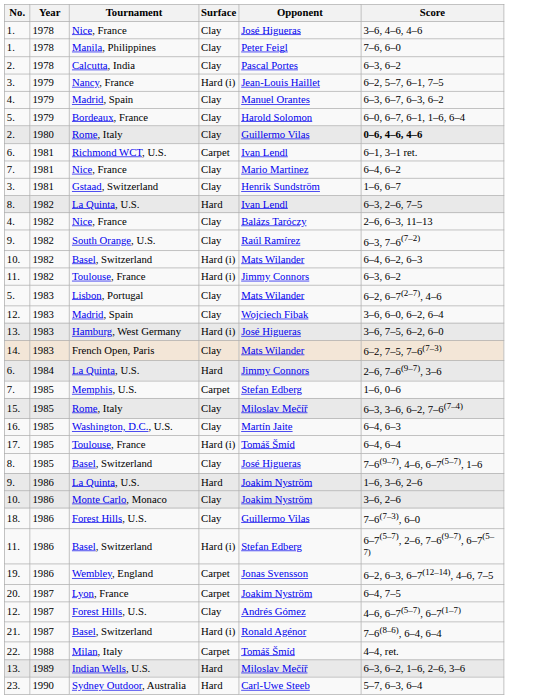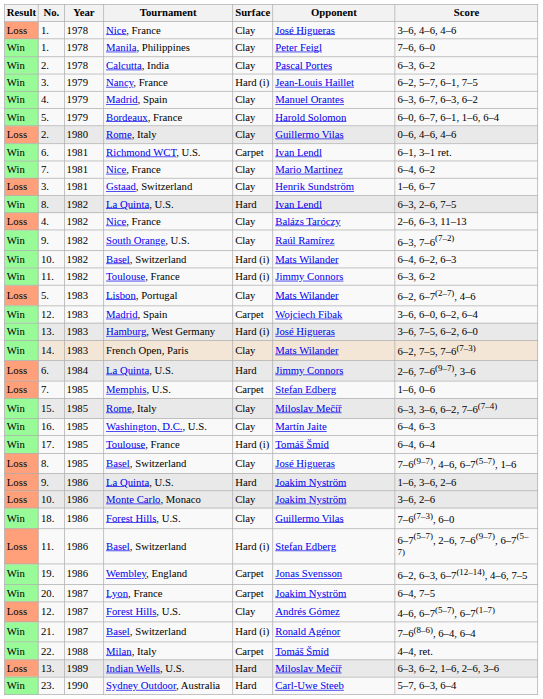 <table class="sortable wikitable" style=font-size:97%>
 <tr>
+<th style="width:40px">Result</th>
 <th style="width:30px">No.</th>
 <th style="width:50px">Year</th>
 <th style="width:180px">Tournament</th>
 <th style="width:50px">Surface</th>
 <th style="width:170px">Opponent</th>
 <th style="width:200px" class="unsortable">Score</th>
 </tr>
 <tr>
+<td style="background:#ffa07a;">Loss</td>
 <td>1.</td>
 <td>1978</td>
 <td><a href='#'>Nice</a>, France</td>
 <td>Clay</td>
 <td> <a href='#'>José Higueras</a></td>
 <td>3–6, 4–6, 4–6</td>
 </tr>
 <tr>
+<td style="background:#98fb98;">Win</td>
 <td>1.</td>
 <td>1978</td>
 <td><a href='#'>Manila</a>, Philippines</td>
 <td>Clay</td>
 <td> <a href='#'>Peter Feigl</a></td>
 <td>7–6, 6–0</td>
 </tr>
 <tr>
+<td style="background:#98fb98;">Win</td>
 <td>2.</td>
 <td>1978</td>
 <td><a href='#'>Calcutta</a>, India</td>
 <td>Clay</td>
 <td> <a href='#'>Pascal Portes</a></td>
 <td>6–3, 6–2</td>
 </tr>
 <tr>
+<td style="background:#98fb98;">Win</td>
 <td>3.</td>
 <td>1979</td>
 <td><a href='#'>Nancy</a>, France</td>
 <td>Hard (i)</td>
 <td> <a href='#'>Jean-Louis Haillet</a></td>
 <td>6–2, 5–7, 6–1, 7–5</td>
 </tr>
 <tr>
+<td style="background:#98fb98;">Win</td>
 <td>4.</td>
 <td>1979</td>
 <td><a href='#'>Madrid</a>, Spain</td>
 <td>Clay</td>
 <td> <a href='#'>Manuel Orantes</a></td>
 <td>6–3, 6–7, 6–3, 6–2</td>
 </tr>
 <tr>
+<td style="background:#98fb98;">Win</td>
 <td>5.</td>
 <td>1979</td>
 <td><a href='#'>Bordeaux</a>, France</td>
 <td>Clay</td>
 <td> <a href='#'>Harold Solomon</a></td>
 <td>6–0, 6–7, 6–1, 1–6, 6–4</td>
 </tr>
 <tr style="background:#e9e9e9;”">
+<td style="background:#ffa07a;">Loss</td>
 <td>2.</td>
 <td>1980</td>
 <td><a href='#'>Rome</a>, Italy</td>
 <td>Clay</td>
 <td> <a href='#'>Guillermo Vilas</a></td>
-<td><strong>0–6, 4–6, 4–6</strong></td>
+<td>0–6, 4–6, 4–6</td>
 </tr>
 <tr>
+<td style="background:#98fb98;">Win</td>
 <td>6.</td>
 <td>1981</td>
 <td><a href='#'>Richmond WCT</a>, U.S.</td>
 <td>Carpet</td>
 <td> <a href='#'>Ivan Lendl</a></td>
 <td>6–1, 3–1 ret.</td>
 </tr>
 <tr>
+<td style="background:#98fb98;">Win</td>
 <td>7.</td>
 <td>1981</td>
 <td><a href='#'>Nice</a>, France</td>
 <td>Clay</td>
 <td> <a href='#'>Mario Martinez</a></td>
 <td>6–4, 6–2</td>
 </tr>
 <tr>
+<td style="background:#ffa07a;">Loss</td>
 <td>3.</td>
 <td>1981</td>
 <td><a href='#'>Gstaad</a>, Switzerland</td>
 <td>Clay</td>
 <td> <a href='#'>Henrik Sundström</a></td>
 <td>1–6, 6–7</td>
 </tr>
 <tr style="background:#e9e9e9;”">
+<td style="background:#98fb98;">Win</td>
 <td>8.</td>
 <td>1982</td>
 <td><a href='#'>La Quinta</a>, U.S.</td>
 <td>Hard</td>
 <td> <a href='#'>Ivan Lendl</a></td>
 <td>6–3, 2–6, 7–5</td>
 </tr>
 <tr>
+<td style="background:#ffa07a;">Loss</td>
 <td>4.</td>
 <td>1982</td>
 <td><a href='#'>Nice</a>, France</td>
 <td>Clay</td>
 <td> <a href='#'>Balázs Taróczy</a></td>
 <td>2–6, 6–3, 11–13</td>
 </tr>
 <tr>
+<td style="background:#98fb98;">Win</td>
 <td>9.</td>
 <td>1982</td>
 <td><a href='#'>South Orange</a>, U.S.</td>
 <td>Clay</td>
 <td> <a href='#'>Raúl Ramírez</a></td>
 <td>6–3, 7–6<sup>(7–2)</sup></td>
 </tr>
 <tr>
+<td style="background:#98fb98;">Win</td>
 <td>10.</td>
 <td>1982</td>
 <td><a href='#'>Basel</a>, Switzerland</td>
 <td>Hard (i)</td>
 <td> <a href='#'>Mats Wilander</a></td>
 <td>6–4, 6–2, 6–3</td>
 </tr>
 <tr>
+<td style="background:#98fb98;">Win</td>
 <td>11.</td>
 <td>1982</td>
 <td><a href='#'>Toulouse</a>, France</td>
 <td>Hard (i)</td>
 <td> <a href='#'>Jimmy Connors</a></td>
 <td>6–3, 6–2</td>
 </tr>
 <tr>
+<td style="background:#ffa07a;">Loss</td>
 <td>5.</td>
 <td>1983</td>
 <td><a href='#'>Lisbon</a>, Portugal</td>
 <td>Clay</td>
 <td> <a href='#'>Mats Wilander</a></td>
 <td>6–2, 6–7<sup>(2–7)</sup>, 4–6</td>
 </tr>
 <tr>
+<td style="background:#98fb98;">Win</td>
 <td>12.</td>
 <td>1983</td>
 <td><a href='#'>Madrid</a>, Spain</td>
-<td>Clay</td>
+<td>Carpet</td>
 <td> <a href='#'>Wojciech Fibak</a></td>
 <td>3–6, 6–0, 6–2, 6–4</td>
 </tr>
 <tr style="background:#e9e9e9;”">
+<td style="background:#98fb98;">Win</td>
 <td>13.</td>
 <td>1983</td>
 <td><a href='#'>Hamburg</a>, West Germany</td>
 <td>Hard (i)</td>
 <td> <a href='#'>José Higueras</a></td>
 <td>3–6, 7–5, 6–2, 6–0</td>
 </tr>
 <tr style="background:#f3e6d7;">
+<td style="background:#98fb98;">Win</td>
 <td>14.</td>
 <td>1983</td>
 <td>French Open, Paris</td>
 <td>Clay</td>
 <td> <a href='#'>Mats Wilander</a></td>
 <td>6–2, 7–5, 7–6<sup>(7–3)</sup></td>
 </tr>
 <tr style="background:#e9e9e9;”">
+<td style="background:#ffa07a;">Loss</td>
 <td>6.</td>
 <td>1984</td>
 <td><a href='#'>La Quinta</a>, U.S.</td>
 <td>Hard</td>
 <td> <a href='#'>Jimmy Connors</a></td>
 <td>2–6, 7–6<sup>(9–7)</sup>, 3–6</td>
 </tr>
 <tr>
+<td style="background:#ffa07a;">Loss</td>
 <td>7.</td>
 <td>1985</td>
 <td><a href='#'>Memphis</a>, U.S.</td>
 <td>Carpet</td>
 <td> <a href='#'>Stefan Edberg</a></td>
 <td>1–6, 0–6</td>
 </tr>
 <tr style="background:#e9e9e9;”">
+<td style="background:#98fb98;">Win</td>
 <td>15.</td>
 <td>1985</td>
 <td><a href='#'>Rome</a>, Italy</td>
 <td>Clay</td>
 <td> <a href='#'>Miloslav Mečíř</a></td>
 <td>6–3, 3–6, 6–2, 7–6<sup>(7–4)</sup></td>
 </tr>
 <tr>
+<td style="background:#98fb98;">Win</td>
 <td>16.</td>
 <td>1985</td>
 <td><a href='#'>Washington, D.C.</a>, U.S.</td>
 <td>Clay</td>
 <td> <a href='#'>Martín Jaite</a></td>
 <td>6–4, 6–3</td>
 </tr>
 <tr>
+<td style="background:#98fb98;">Win</td>
 <td>17.</td>
 <td>1985</td>
 <td><a href='#'>Toulouse</a>, France</td>
 <td>Hard (i)</td>
 <td> <a href='#'>Tomáš Šmíd</a></td>
 <td>6–4, 6–4</td>
 </tr>
 <tr>
+<td style="background:#ffa07a;">Loss</td>
 <td>8.</td>
 <td>1985</td>
 <td><a href='#'>Basel</a>, Switzerland</td>
 <td>Clay</td>
 <td> <a href='#'>José Higueras</a></td>
 <td>7–6<sup>(9–7)</sup>, 4–6, 6–7<sup>(5–7)</sup>, 1–6</td>
 </tr>
 <tr style="background:#e9e9e9;”">
+<td style="background:#ffa07a;">Loss</td>
 <td>9.</td>
 <td>1986</td>
 <td><a href='#'>La Quinta</a>, U.S.</td>
 <td>Hard</td>
 <td> <a href='#'>Joakim Nyström</a></td>
 <td>1–6, 3–6, 2–6</td>
 </tr>
 <tr style="background:#e9e9e9;”">
+<td style="background:#ffa07a;">Loss</td>
 <td>10.</td>
 <td>1986</td>
 <td><a href='#'>Monte Carlo</a>, Monaco</td>
 <td>Clay</td>
 <td> <a href='#'>Joakim Nyström</a></td>
 <td>3–6, 2–6</td>
 </tr>
 <tr>
+<td style="background:#98fb98;">Win</td>
 <td>18.</td>
 <td>1986</td>
 <td><a href='#'>Forest Hills</a>, U.S.</td>
 <td>Clay</td>
 <td> <a href='#'>Guillermo Vilas</a></td>
 <td>7–6<sup>(7–3)</sup>, 6–0</td>
 </tr>
 <tr>
+<td style="background:#ffa07a;">Loss</td>
 <td>11.</td>
 <td>1986</td>
 <td><a href='#'>Basel</a>, Switzerland</td>
 <td>Hard (i)</td>
 <td> <a href='#'>Stefan Edberg</a></td>
 <td>6–7<sup>(5–7)</sup>, 2–6, 7–6<sup>(9–7)</sup>, 6–7<sup>(5–7)</sup></td>
 </tr>
 <tr>
+<td style="background:#98fb98;">Win</td>
 <td>19.</td>
 <td>1986</td>
 <td><a href='#'>Wembley</a>, England</td>
 <td>Carpet</td>
 <td> <a href='#'>Jonas Svensson</a></td>
 <td>6–2, 6–3, 6–7<sup>(12–14)</sup>, 4–6, 7–5</td>
 </tr>
 <tr>
+<td style="background:#98fb98;">Win</td>
 <td>20.</td>
 <td>1987</td>
 <td><a href='#'>Lyon</a>, France</td>
 <td>Carpet</td>
 <td> <a href='#'>Joakim Nyström</a></td>
 <td>6–4, 7–5</td>
 </tr>
 <tr>
+<td style="background:#ffa07a;">Loss</td>
 <td>12.</td>
 <td>1987</td>
 <td><a href='#'>Forest Hills</a>, U.S.</td>
 <td>Clay</td>
 <td> <a href='#'>Andrés Gómez</a></td>
 <td>4–6, 6–7<sup>(5–7)</sup>, 6–7<sup>(1–7)</sup></td>
 </tr>
 <tr>
+<td style="background:#98fb98;">Win</td>
 <td>21.</td>
 <td>1987</td>
 <td><a href='#'>Basel</a>, Switzerland</td>
 <td>Hard (i)</td>
 <td> <a href='#'>Ronald Agénor</a></td>
 <td>7–6<sup>(8–6)</sup>, 6–4, 6–4</td>
 </tr>
 <tr>
+<td style="background:#98fb98;">Win</td>
 <td>22.</td>
 <td>1988</td>
 <td><a href='#'>Milan</a>, Italy</td>
 <td>Carpet</td>
 <td> <a href='#'>Tomáš Šmíd</a></td>
 <td>4–4, ret.</td>
 </tr>
 <tr style="background:#e9e9e9;”">
+<td style="background:#ffa07a;">Loss</td>
 <td>13.</td>
 <td>1989</td>
 <td><a href='#'>Indian Wells</a>, U.S.</td>
 <td>Hard</td>
 <td> <a href='#'>Miloslav Mečíř</a></td>
 <td>6–3, 6–2, 1–6, 2–6, 3–6</td>
 </tr>
 <tr>
+<td style="background:#98fb98;">Win</td>
 <td>23.</td>
 <td>1990</td>
 <td><a href='#'>Sydney Outdoor</a>, Australia</td>
 <td>Hard</td>
 <td> <a href='#'>Carl-Uwe Steeb</a></td>
 <td>5–7, 6–3, 6–4</td>
 </tr>
 </table>
